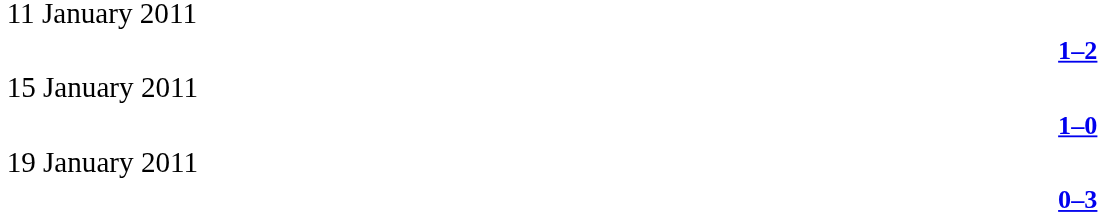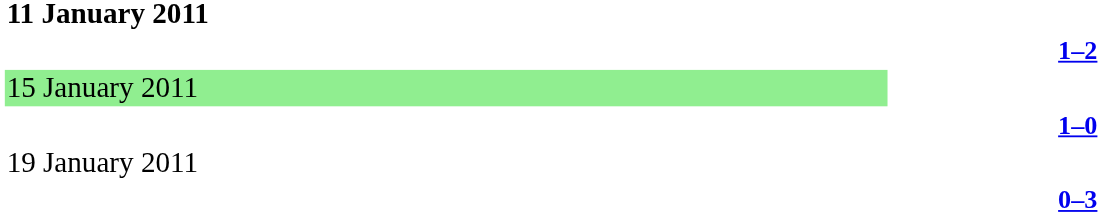 <table style="width:70%;" cellspacing="1">
 <tr>
 <th width=35%></th>
 <th width=15%></th>
 <th></th>
 </tr>
 <tr>
-<td>11 January 2011</td>
+<td><strong>11 January 2011</strong></td>
 </tr>
 <tr style=font-size:90%>
 <td align=right><strong></strong></td>
 <td align=center><strong><a href='#'>1–2</a></strong></td>
 <td><strong></strong></td>
 </tr>
 <tr>
-<td>15 January 2011</td>
+<td style="background: lightgreen;">15 January 2011</td>
 </tr>
 <tr style=font-size:90%>
 <td align=right><strong></strong></td>
 <td align=center><strong><a href='#'>1–0</a></strong></td>
 <td><strong></strong></td>
 </tr>
 <tr>
 <td>19 January 2011</td>
 </tr>
 <tr style=font-size:90%>
 <td align=right><strong></strong></td>
 <td align=center><strong><a href='#'>0–3</a></strong></td>
 <td><strong></strong></td>
 </tr>
 </table>
